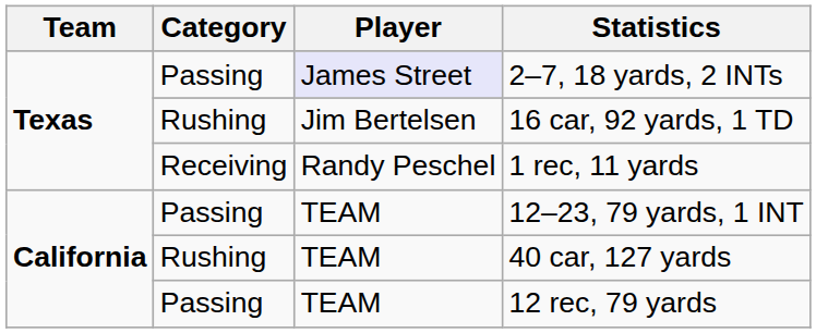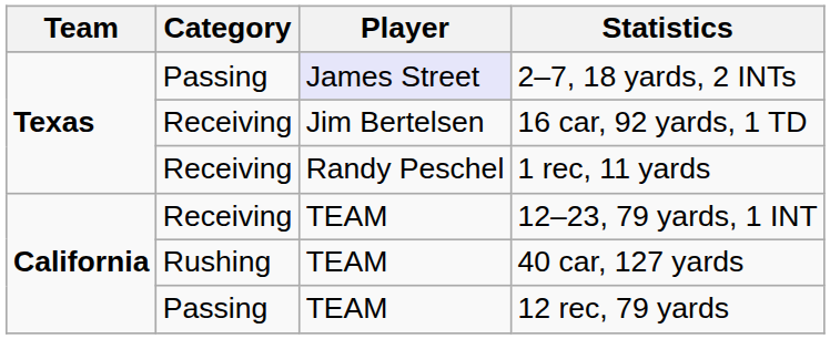 <table class="wikitable" style="float: right;">
 <tr>
 <th>Team</th>
 <th>Category</th>
 <th>Player</th>
 <th>Statistics</th>
 </tr>
 <tr>
 <td rowspan=3><strong>Texas</strong></td>
 <td>Passing</td>
 <td style="background: lavender;">James Street</td>
 <td>2–7, 18 yards, 2 INTs</td>
 </tr>
 <tr>
-<td>Rushing</td>
+<td>Receiving</td>
 <td>Jim Bertelsen</td>
 <td>16 car, 92 yards, 1 TD</td>
 </tr>
 <tr>
 <td>Receiving</td>
 <td>Randy Peschel</td>
 <td>1 rec, 11 yards</td>
 </tr>
 <tr>
 <td rowspan=3><strong>California</strong></td>
-<td>Passing</td>
+<td>Receiving</td>
 <td>TEAM</td>
 <td>12–23, 79 yards, 1 INT</td>
 </tr>
 <tr>
 <td>Rushing</td>
 <td>TEAM</td>
 <td>40 car, 127 yards</td>
 </tr>
 <tr>
 <td>Passing</td>
 <td>TEAM</td>
 <td>12 rec, 79 yards</td>
 </tr>
 </table>
